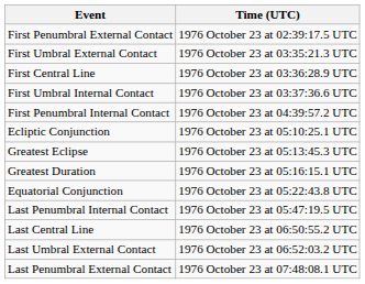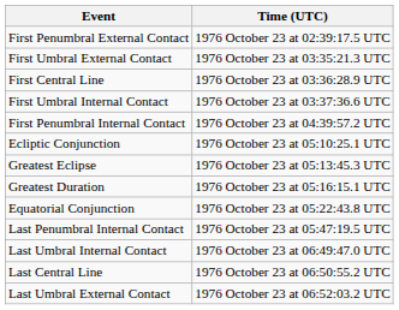 <table class="wikitable">
 <tr>
 <th>Event</th>
 <th>Time (UTC)</th>
 </tr>
 <tr>
 <td>First Penumbral External Contact</td>
 <td>1976 October 23 at 02:39:17.5 UTC</td>
 </tr>
 <tr>
 <td>First Umbral External Contact</td>
 <td>1976 October 23 at 03:35:21.3 UTC</td>
 </tr>
 <tr>
 <td>First Central Line</td>
 <td>1976 October 23 at 03:36:28.9 UTC</td>
 </tr>
 <tr>
 <td>First Umbral Internal Contact</td>
 <td>1976 October 23 at 03:37:36.6 UTC</td>
 </tr>
 <tr>
 <td>First Penumbral Internal Contact</td>
 <td>1976 October 23 at 04:39:57.2 UTC</td>
 </tr>
 <tr>
 <td>Ecliptic Conjunction</td>
 <td>1976 October 23 at 05:10:25.1 UTC</td>
 </tr>
 <tr>
 <td>Greatest Eclipse</td>
 <td>1976 October 23 at 05:13:45.3 UTC</td>
 </tr>
 <tr>
 <td>Greatest Duration</td>
 <td>1976 October 23 at 05:16:15.1 UTC</td>
 </tr>
 <tr>
 <td>Equatorial Conjunction</td>
 <td>1976 October 23 at 05:22:43.8 UTC</td>
 </tr>
 <tr>
 <td>Last Penumbral Internal Contact</td>
 <td>1976 October 23 at 05:47:19.5 UTC</td>
 </tr>
 <tr>
+<td>Last Umbral Internal Contact</td>
+<td>1976 October 23 at 06:49:47.0 UTC</td>
+</tr>
+<tr>
 <td>Last Central Line</td>
 <td>1976 October 23 at 06:50:55.2 UTC</td>
 </tr>
 <tr>
 <td>Last Umbral External Contact</td>
 <td>1976 October 23 at 06:52:03.2 UTC</td>
 </tr>
-<tr>
-<td>Last Penumbral External Contact</td>
-<td>1976 October 23 at 07:48:08.1 UTC</td>
-</tr>
 </table>
